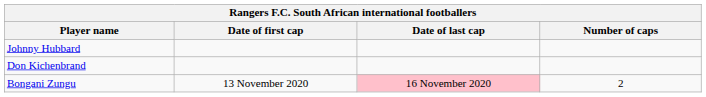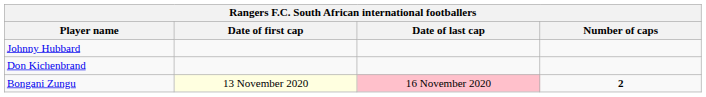 <table class="wikitable plainrowheaders" style="width: 80%;">
 <tr>
 <th colspan=5>Rangers F.C. South African international footballers </th>
 </tr>
 <tr>
 <th scope="col">Player name</th>
 <th scope="col">Date of first cap</th>
 <th scope="col">Date of last cap</th>
 <th scope="col">Number of caps</th>
 </tr>
 <tr>
 <td><a href='#'>Johnny Hubbard</a></td>
 <td align="center"></td>
 <td align="center"></td>
 <td align="center"></td>
 </tr>
 <tr>
 <td><a href='#'>Don Kichenbrand</a></td>
 <td align="center"></td>
 <td align="center"></td>
 <td align="center"></td>
 </tr>
 <tr>
 <td><a href='#'>Bongani Zungu</a></td>
-<td align="center">13 November 2020</td>
+<td align="center" style="background: lightyellow;">13 November 2020</td>
 <td align="center" style="background: pink;">16 November 2020</td>
-<td align="center">2</td>
+<td align="center"><strong>2</strong></td>
 </tr>
 </table>
